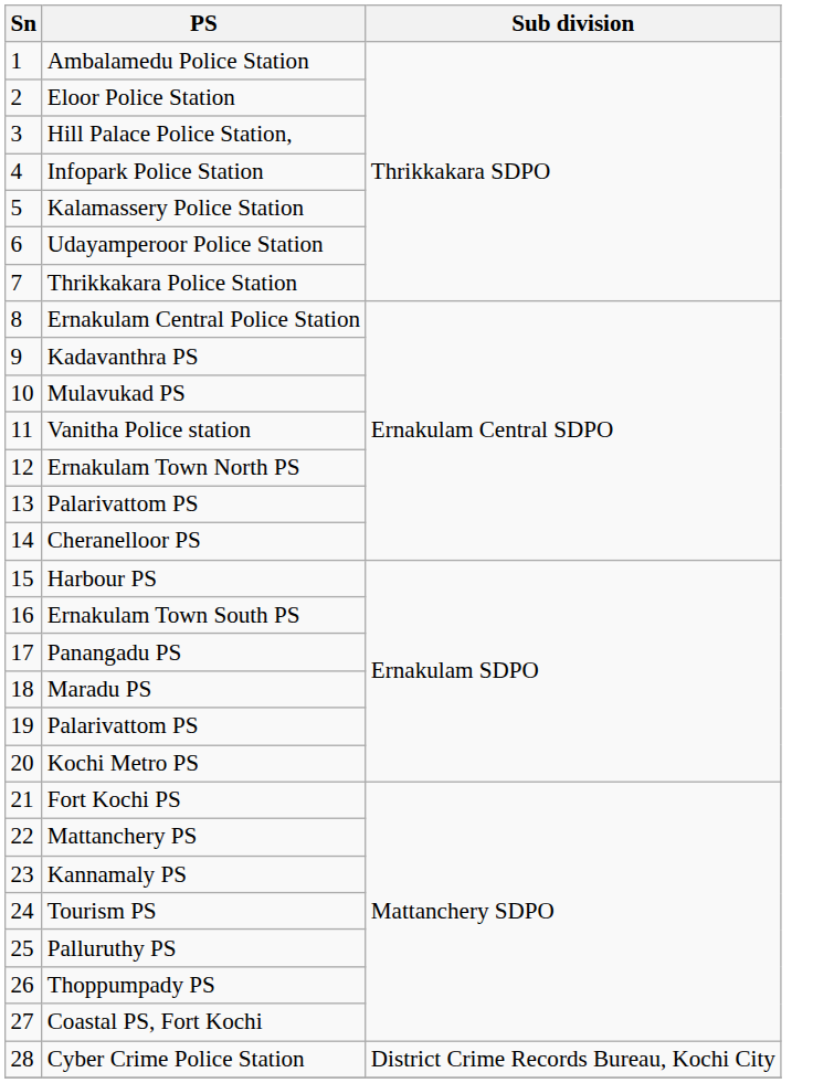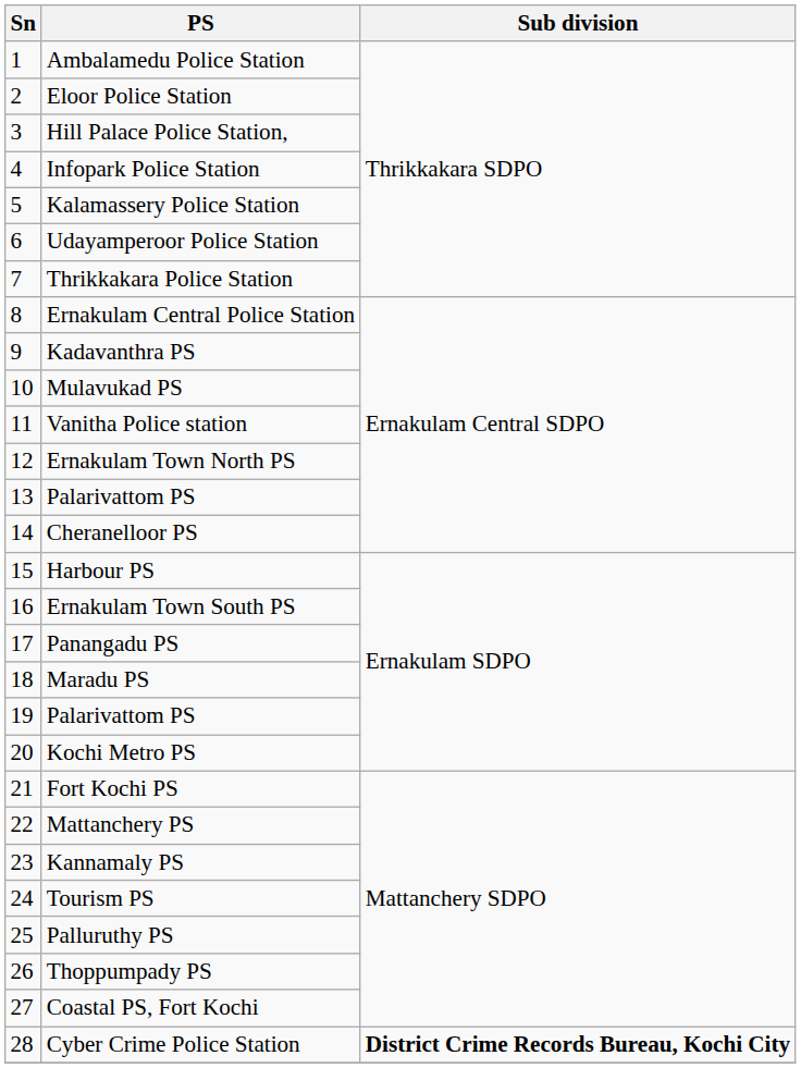 <table class="wikitable sortable">
 <tr>
 <th>Sn</th>
 <th Station name>PS</th>
 <th>Sub division</th>
 </tr>
 <tr>
 <td>1</td>
 <td Ambalamedu Police Station>Ambalamedu Police Station</td>
 <td rowspan="7">Thrikkakara SDPO</td>
 </tr>
 <tr>
 <td>2</td>
 <td>Eloor Police Station</td>
 </tr>
 <tr>
 <td>3</td>
 <td>Hill Palace Police Station,</td>
 </tr>
 <tr>
 <td>4</td>
 <td>Infopark Police Station</td>
 </tr>
 <tr>
 <td>5</td>
 <td>Kalamassery Police Station</td>
 </tr>
 <tr>
 <td>6</td>
 <td>Udayamperoor Police Station</td>
 </tr>
 <tr>
 <td>7</td>
 <td>Thrikkakara Police Station</td>
 </tr>
 <tr>
 <td>8</td>
 <td>Ernakulam Central Police Station</td>
 <td rowspan="7">Ernakulam Central SDPO</td>
 </tr>
 <tr>
 <td>9</td>
 <td>Kadavanthra PS</td>
 </tr>
 <tr>
 <td>10</td>
 <td>Mulavukad PS</td>
 </tr>
 <tr>
 <td>11</td>
 <td>Vanitha Police station</td>
 </tr>
 <tr>
 <td>12</td>
 <td>Ernakulam Town North PS</td>
 </tr>
 <tr>
 <td>13</td>
 <td>Palarivattom  PS</td>
 </tr>
 <tr>
 <td>14</td>
 <td>Cheranelloor PS</td>
 </tr>
 <tr>
 <td>15</td>
 <td>Harbour PS</td>
 <td rowspan="6">Ernakulam SDPO</td>
 </tr>
 <tr>
 <td>16</td>
 <td>Ernakulam Town South PS</td>
 </tr>
 <tr>
 <td>17</td>
 <td>Panangadu PS</td>
 </tr>
 <tr>
 <td>18</td>
 <td>Maradu PS</td>
 </tr>
 <tr>
 <td>19</td>
 <td>Palarivattom PS</td>
 </tr>
 <tr>
 <td>20</td>
 <td>Kochi Metro PS</td>
 </tr>
 <tr>
 <td>21</td>
 <td>Fort Kochi PS</td>
 <td rowspan="7">Mattanchery SDPO</td>
 </tr>
 <tr>
 <td>22</td>
 <td>Mattanchery PS</td>
 </tr>
 <tr>
 <td>23</td>
 <td>Kannamaly PS</td>
 </tr>
 <tr>
 <td>24</td>
 <td>Tourism PS</td>
 </tr>
 <tr>
 <td>25</td>
 <td>Palluruthy PS</td>
 </tr>
 <tr>
 <td>26</td>
 <td>Thoppumpady PS</td>
 </tr>
 <tr>
 <td>27</td>
 <td>Coastal PS, Fort Kochi</td>
 </tr>
 <tr>
 <td>28</td>
 <td>Cyber Crime Police Station</td>
-<td>District Crime Records Bureau, Kochi City</td>
+<td><strong>District Crime Records Bureau, Kochi City</strong></td>
 </tr>
 <tr>
 </tr>
 </table>
